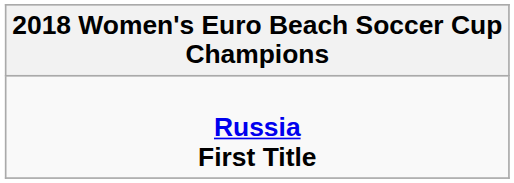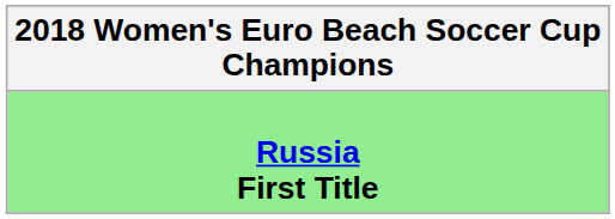 <table class="wikitable" style="margin: 0 auto;">
 <tr>
 <th>2018 Women's Euro Beach Soccer Cup<br>Champions</th>
 </tr>
 <tr>
-<td align=center><br><strong><a href='#'>Russia</a></strong><br><strong>First Title</strong></td>
+<td align=center style="background: lightgreen;"><br><strong><a href='#'>Russia</a></strong><br><strong>First Title</strong></td>
 </tr>
 </table>
